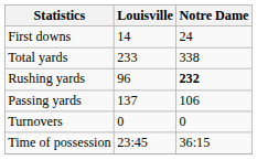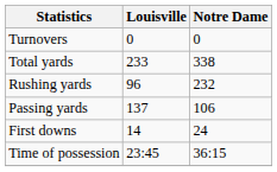 <table class="wikitable">
 <tr>
 <th>Statistics</th>
 <th>Louisville</th>
 <th>Notre Dame</th>
 </tr>
 <tr>
-<td>First downs</td>
-<td>14</td>
-<td>24</td>
+<td>Turnovers</td>
+<td>0</td>
+<td>0</td>
 </tr>
 <tr>
 <td>Total yards</td>
 <td>233</td>
 <td>338</td>
 </tr>
 <tr>
 <td>Rushing yards</td>
 <td>96</td>
-<td><strong>232</strong></td>
+<td>232</td>
 </tr>
 <tr>
 <td>Passing yards</td>
 <td>137</td>
 <td>106</td>
 </tr>
 <tr>
-<td>Turnovers</td>
-<td>0</td>
-<td>0</td>
+<td>First downs</td>
+<td>14</td>
+<td>24</td>
 </tr>
 <tr>
 <td>Time of possession</td>
 <td>23:45</td>
 <td>36:15</td>
 </tr>
 <tr>
 </tr>
 </table>
